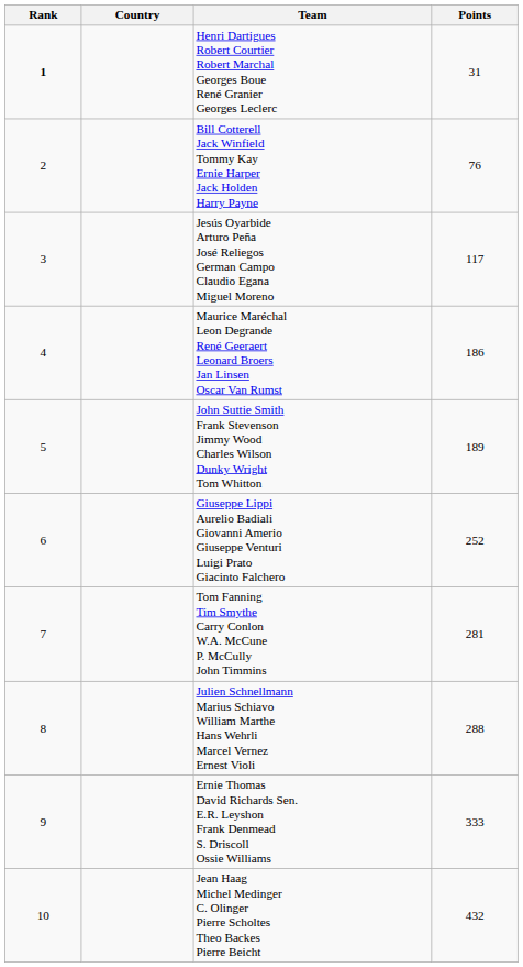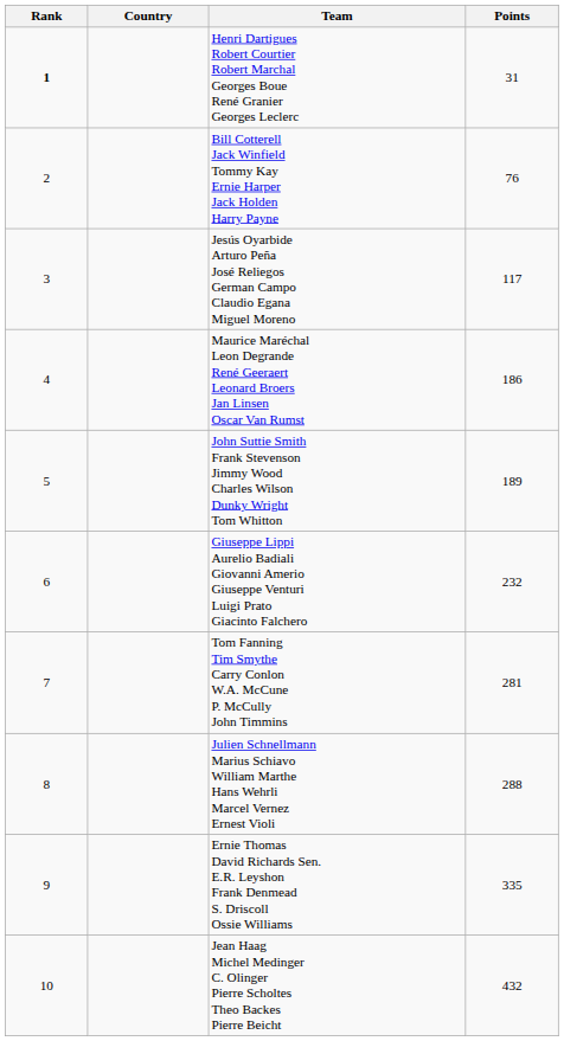 <table class="wikitable sortable" style=" text-align:center; font-size:95%;" width="50%">
 <tr>
 <th>Rank</th>
 <th>Country</th>
 <th>Team</th>
 <th>Points</th>
 </tr>
 <tr>
 <td align=center><strong>1</strong></td>
 <td align=left></td>
 <td align=left><a href='#'>Henri Dartigues</a><br><a href='#'>Robert Courtier</a><br><a href='#'>Robert Marchal</a><br>Georges Boue<br>René Granier<br>Georges Leclerc</td>
 <td>31</td>
 </tr>
 <tr>
 <td align=center>2</td>
 <td align=left></td>
 <td align=left><a href='#'>Bill Cotterell</a><br><a href='#'>Jack Winfield</a><br>Tommy Kay<br><a href='#'>Ernie Harper</a><br><a href='#'>Jack Holden</a><br><a href='#'>Harry Payne</a></td>
 <td>76</td>
 </tr>
 <tr>
 <td align=center>3</td>
 <td align=left></td>
 <td align=left>Jesús Oyarbide<br>Arturo Peña<br>José Reliegos<br>German Campo<br>Claudio Egana<br>Miguel Moreno</td>
 <td>117</td>
 </tr>
 <tr>
 <td align=center>4</td>
 <td align=left></td>
 <td align=left>Maurice Maréchal<br>Leon Degrande<br><a href='#'>René Geeraert</a><br><a href='#'>Leonard Broers</a><br><a href='#'>Jan Linsen</a><br><a href='#'>Oscar Van Rumst</a></td>
 <td>186</td>
 </tr>
 <tr>
 <td align=center>5</td>
 <td align=left></td>
 <td align=left><a href='#'>John Suttie Smith</a><br>Frank Stevenson<br>Jimmy Wood<br>Charles Wilson<br><a href='#'>Dunky Wright</a><br>Tom Whitton</td>
 <td>189</td>
 </tr>
 <tr>
 <td align=center>6</td>
 <td align=left></td>
 <td align=left><a href='#'>Giuseppe Lippi</a><br>Aurelio Badiali<br>Giovanni Amerio<br>Giuseppe Venturi<br>Luigi Prato<br>Giacinto Falchero</td>
-<td>252</td>
+<td>232</td>
 </tr>
 <tr>
 <td align=center>7</td>
 <td align=left></td>
 <td align=left>Tom Fanning<br><a href='#'>Tim Smythe</a><br>Carry Conlon<br>W.A. McCune<br>P. McCully<br>John Timmins</td>
 <td>281</td>
 </tr>
 <tr>
 <td align=center>8</td>
 <td align=left></td>
 <td align=left><a href='#'>Julien Schnellmann</a><br>Marius Schiavo<br>William Marthe<br>Hans Wehrli<br>Marcel Vernez<br>Ernest Violi</td>
 <td>288</td>
 </tr>
 <tr>
 <td align=center>9</td>
 <td align=left></td>
 <td align=left>Ernie Thomas<br>David Richards Sen.<br>E.R. Leyshon<br>Frank Denmead<br>S. Driscoll<br>Ossie Williams</td>
-<td>333</td>
+<td>335</td>
 </tr>
 <tr>
 <td align=center>10</td>
 <td align=left></td>
 <td align=left>Jean Haag<br>Michel Medinger<br>C. Olinger<br>Pierre Scholtes<br>Theo Backes<br>Pierre Beicht</td>
 <td>432</td>
 </tr>
 </table>
